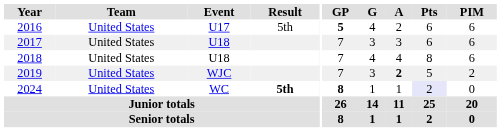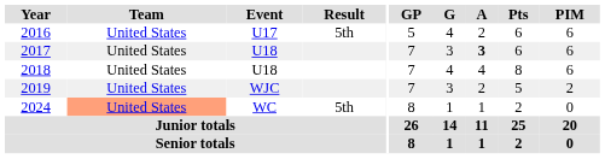 <table border="0" cellpadding="1" cellspacing="0" ID="Table3" style="text-align:center; width:40em;">
 <tr bgcolor="#e0e0e0">
 <th>Year</th>
 <th>Team</th>
 <th>Event</th>
 <th>Result</th>
 <th rowspan="102" bgcolor="#ffffff"></th>
 <th>GP</th>
 <th>G</th>
 <th>A</th>
 <th>Pts</th>
 <th>PIM</th>
 </tr>
 <tr>
 <td><a href='#'>2016</a></td>
 <td><a href='#'>United States</a></td>
 <td><a href='#'>U17</a></td>
 <td>5th</td>
-<td><strong>5</strong></td>
+<td>5</td>
 <td>4</td>
 <td>2</td>
 <td>6</td>
 <td>6</td>
 </tr>
 <tr bgcolor="#f0f0f0">
 <td><a href='#'>2017</a></td>
 <td>United States</td>
 <td><a href='#'>U18</a></td>
 <td></td>
 <td>7</td>
 <td>3</td>
-<td>3</td>
+<td><strong>3</strong></td>
 <td>6</td>
 <td>6</td>
 </tr>
 <tr>
 <td><a href='#'>2018</a></td>
 <td>United States</td>
 <td>U18</td>
 <td></td>
 <td>7</td>
 <td>4</td>
 <td>4</td>
 <td>8</td>
 <td>6</td>
 </tr>
 <tr bgcolor="#f0f0f0">
 <td><a href='#'>2019</a></td>
 <td><a href='#'>United States</a></td>
 <td><a href='#'>WJC</a></td>
 <td></td>
 <td>7</td>
 <td>3</td>
-<td><strong>2</strong></td>
+<td>2</td>
 <td>5</td>
 <td>2</td>
 </tr>
 <tr>
 <td><a href='#'>2024</a></td>
-<td><a href='#'>United States</a></td>
+<td style="background: lightsalmon;"><a href='#'>United States</a></td>
 <td><a href='#'>WC</a></td>
-<td><strong>5th</strong></td>
-<td><strong>8</strong></td>
+<td>5th</td>
+<td>8</td>
 <td>1</td>
 <td>1</td>
-<td style="background: lavender;">2</td>
+<td>2</td>
 <td>0</td>
 </tr>
 <tr bgcolor="#e0e0e0">
 <th colspan="4">Junior totals</th>
 <th>26</th>
 <th>14</th>
 <th>11</th>
 <th>25</th>
 <th>20</th>
 </tr>
 <tr bgcolor="#e0e0e0">
 <th colspan="4">Senior totals</th>
 <th>8</th>
 <th>1</th>
 <th>1</th>
 <th>2</th>
 <th>0</th>
 </tr>
 </table>
